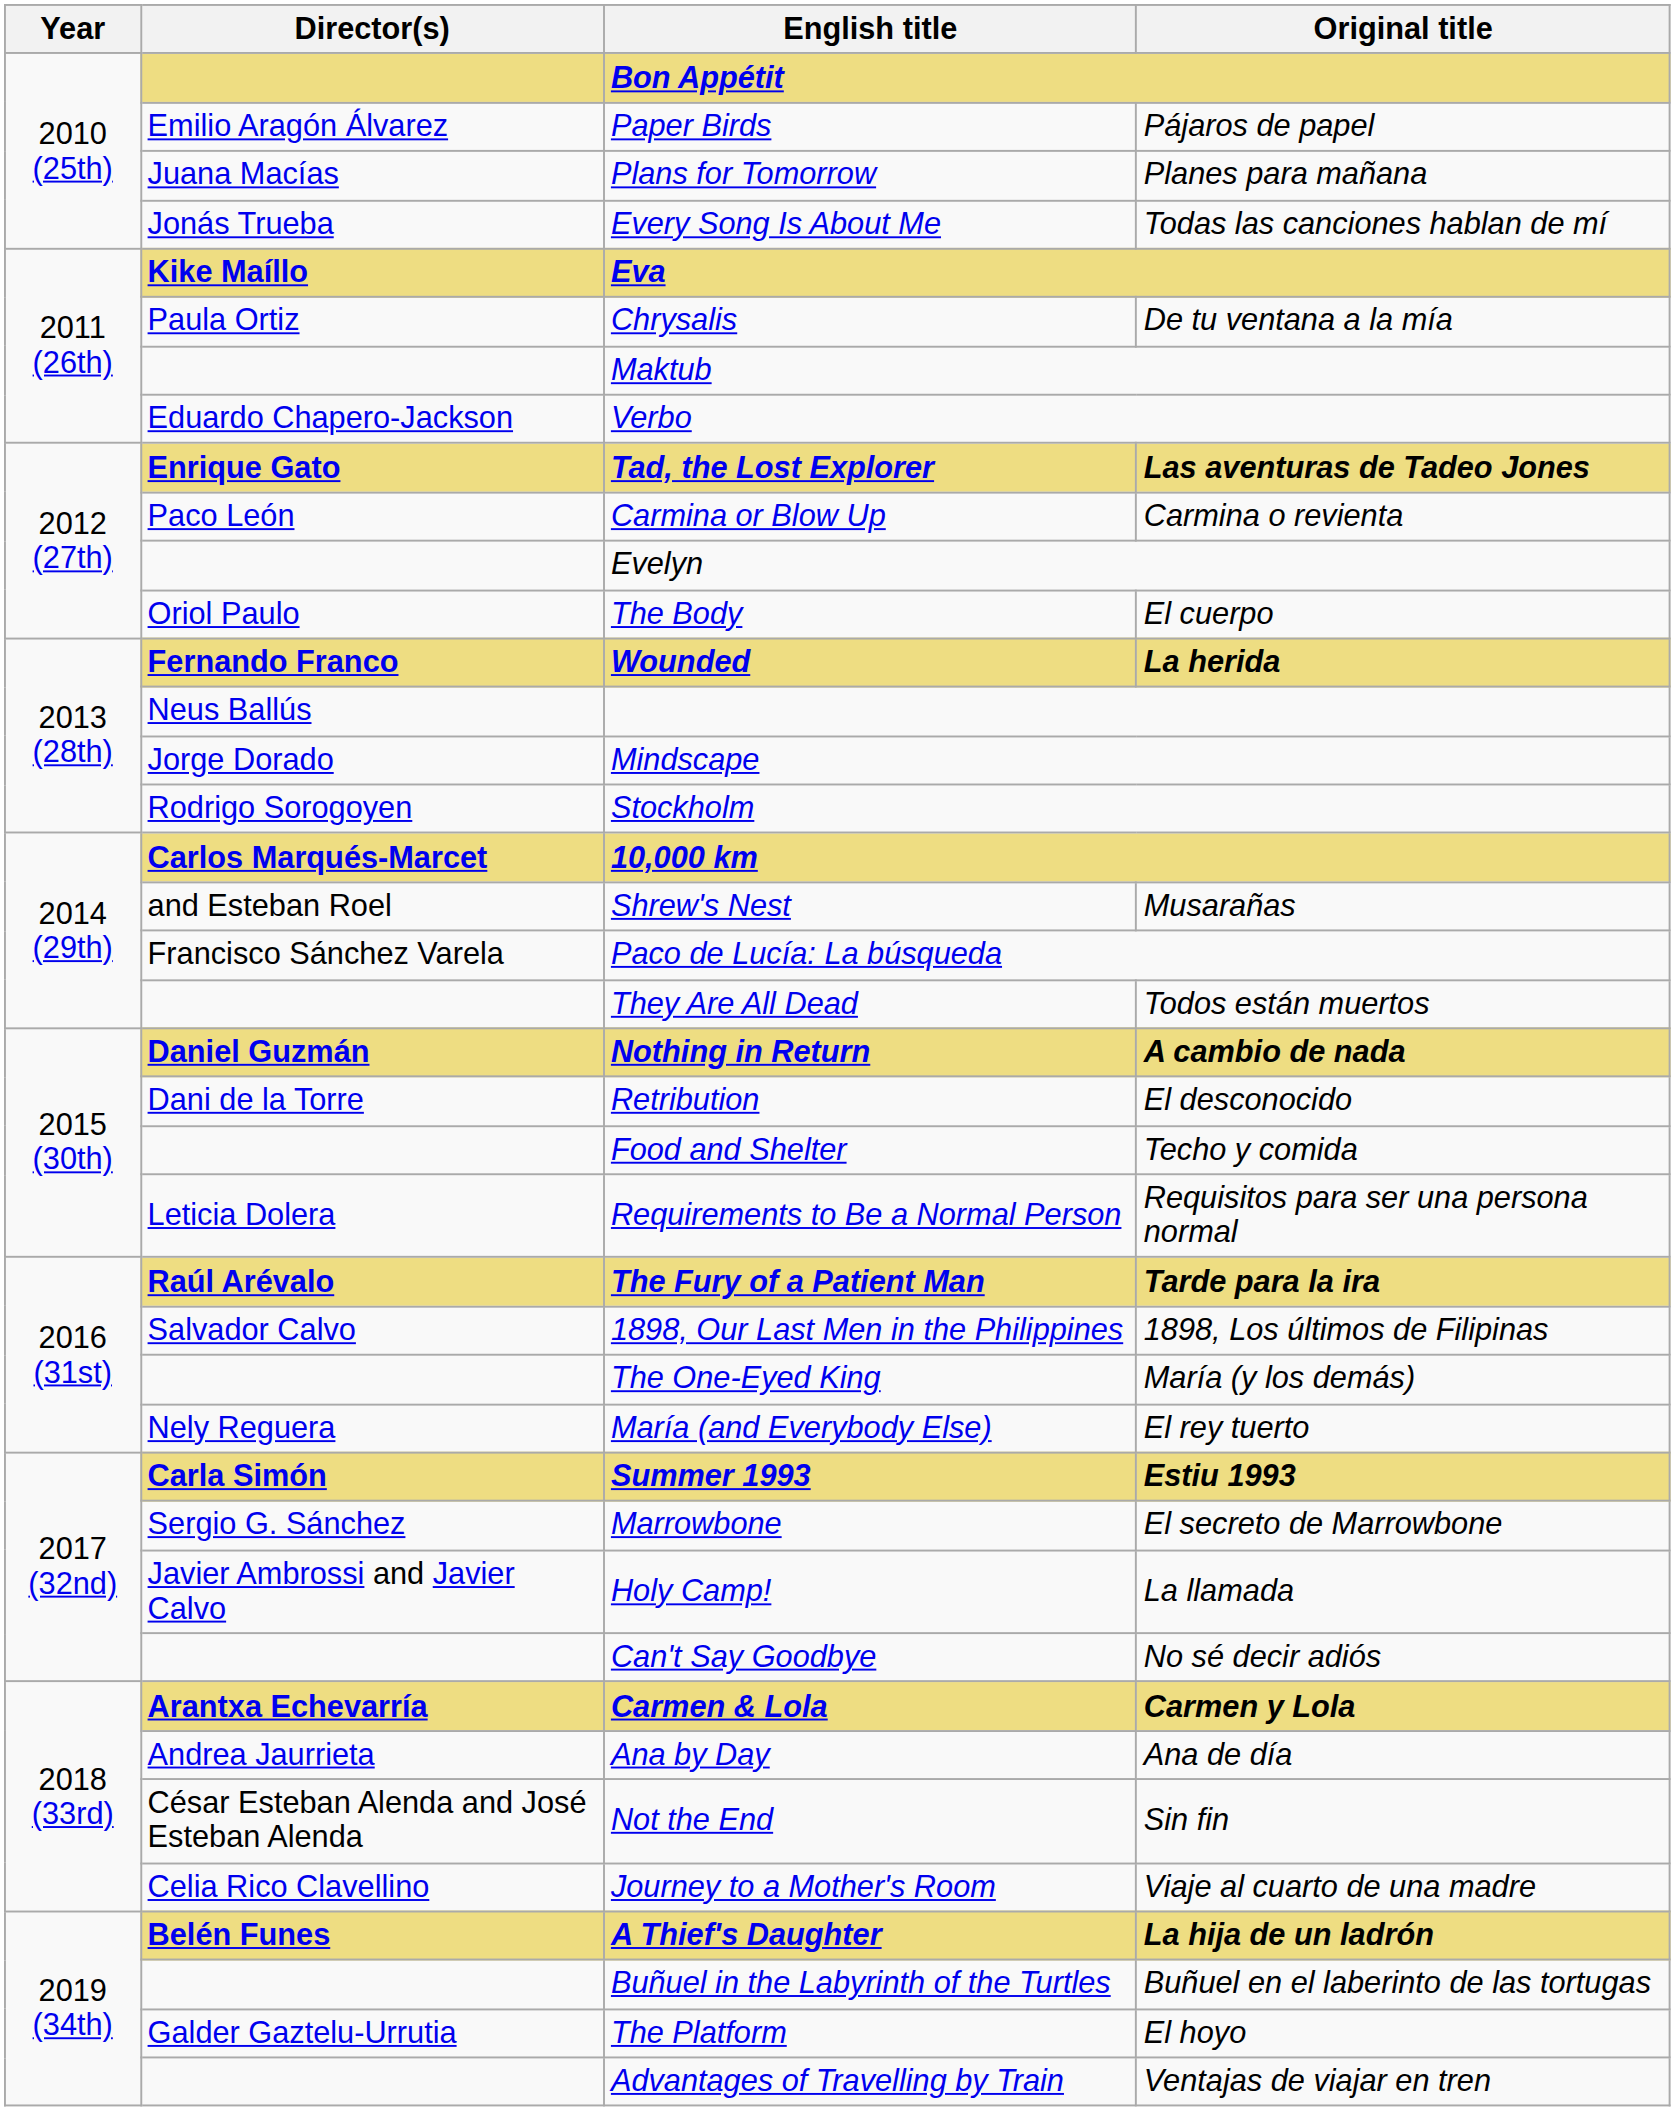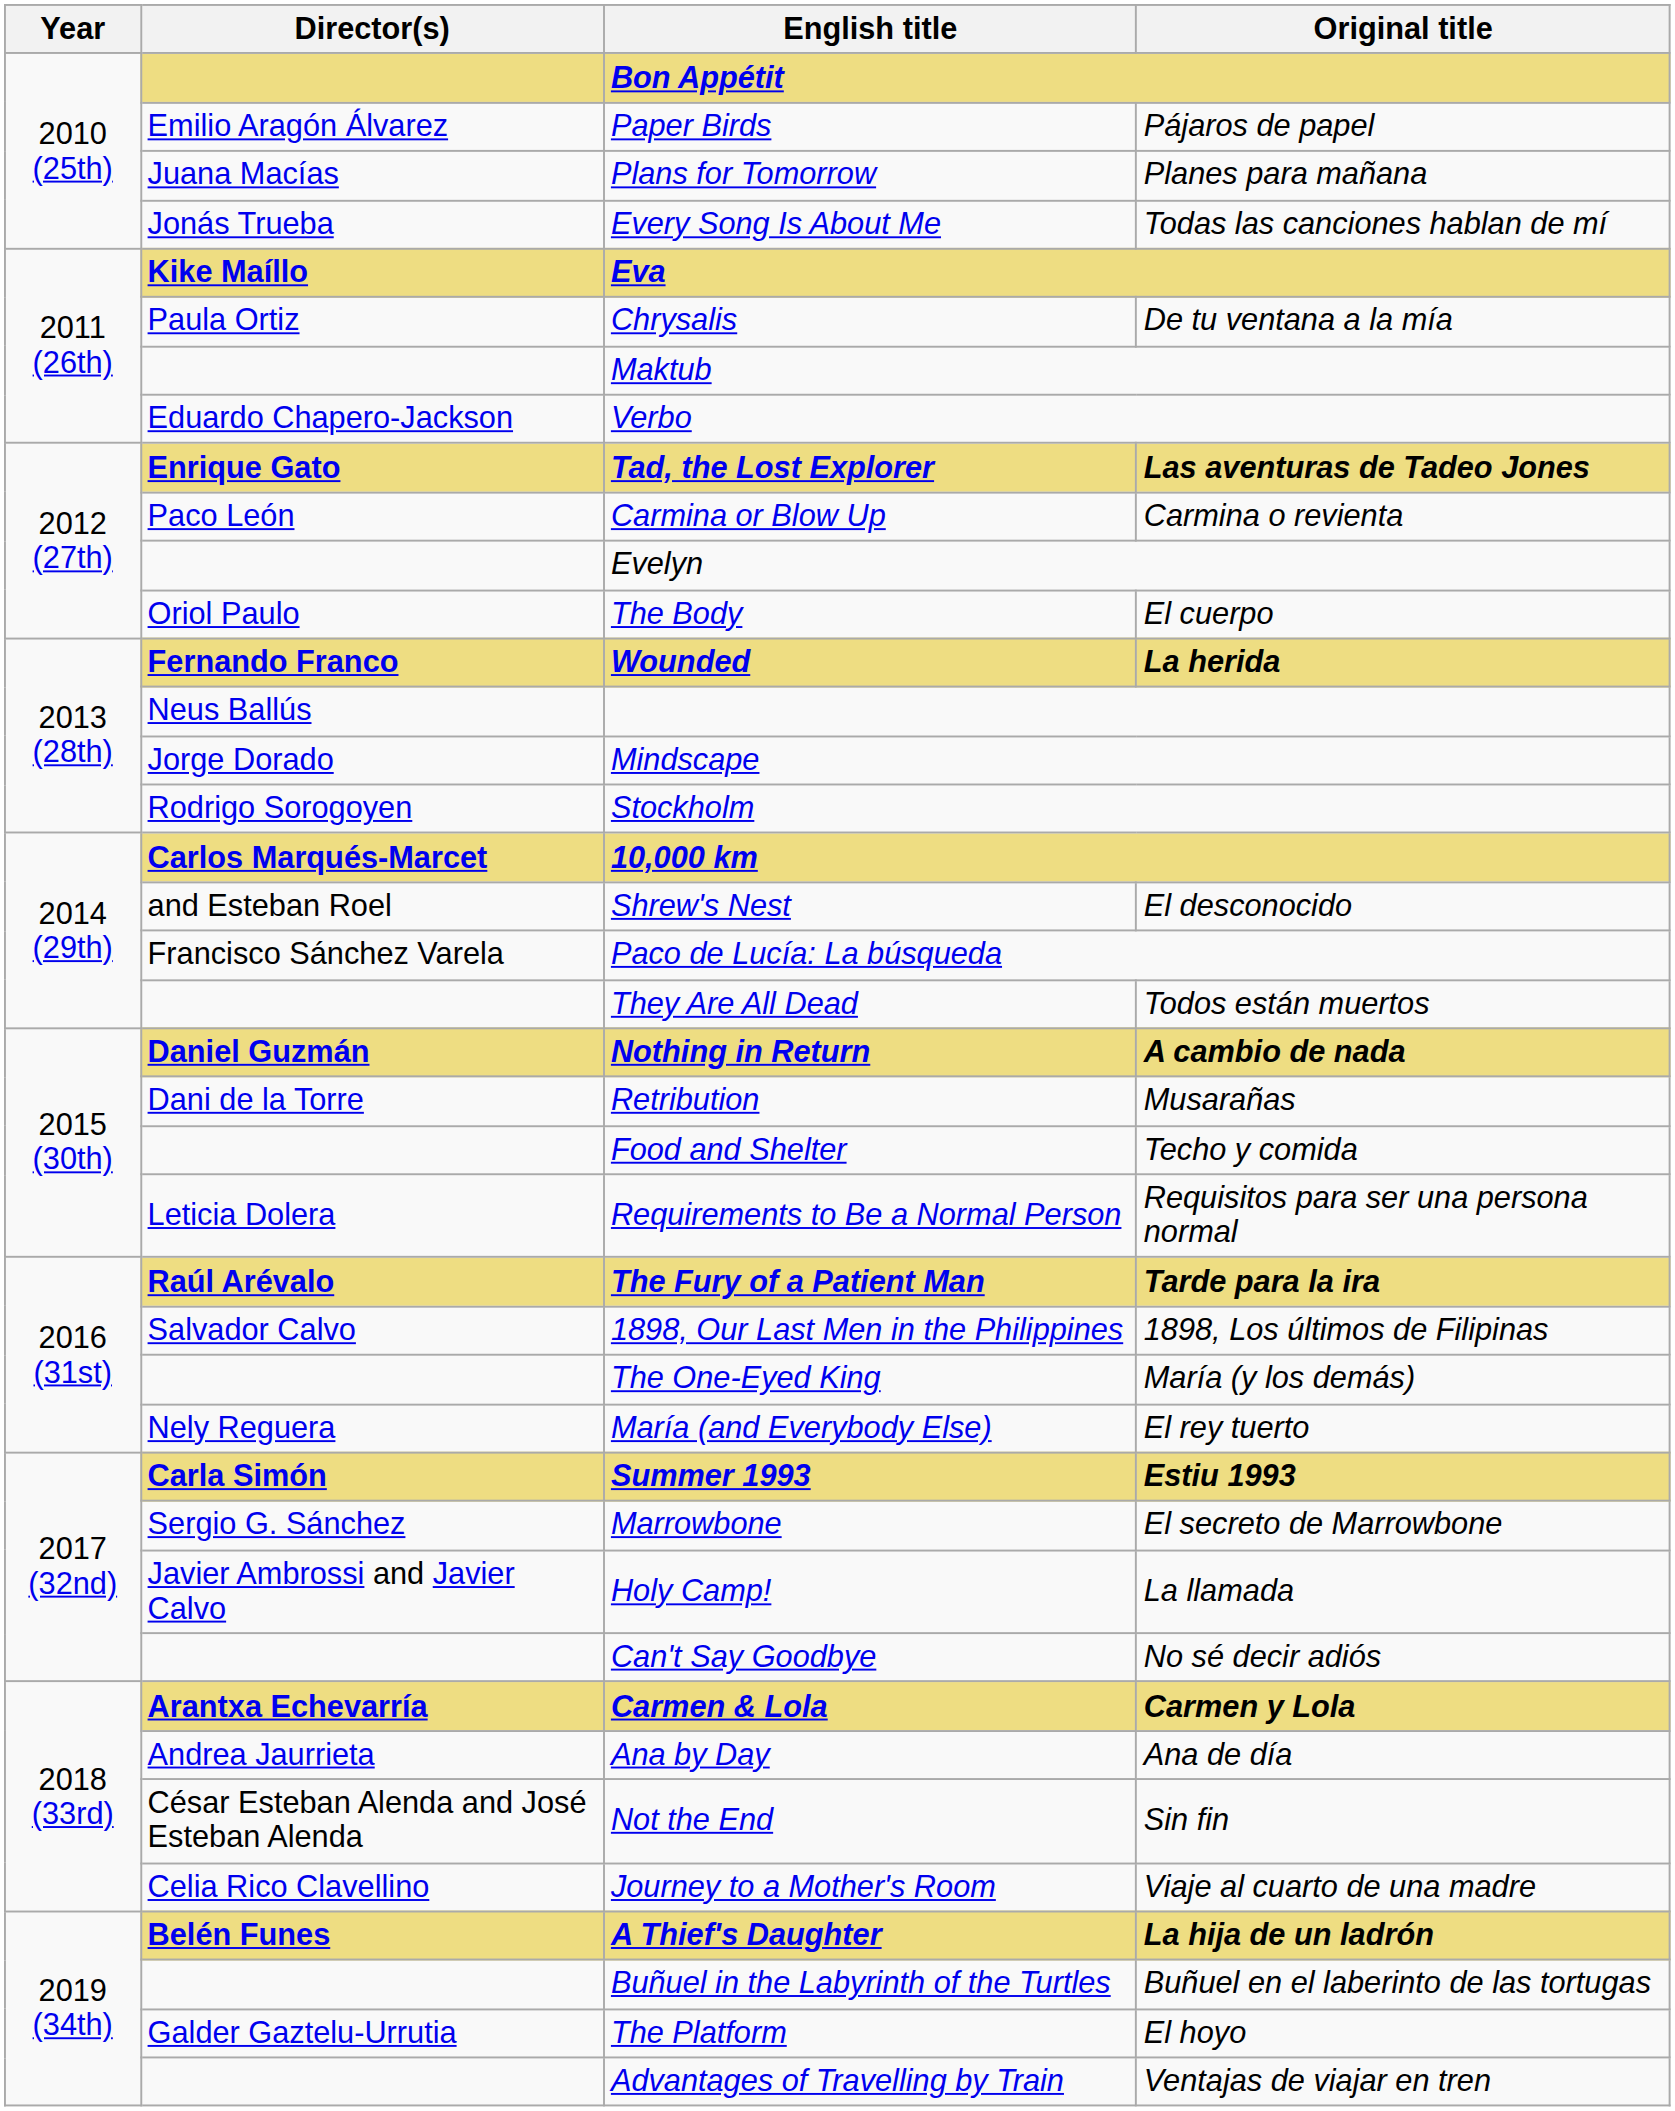 <table class="wikitable sortable" style="text-align:left;">
 <tr>
 <th scope="col" style="width:5%;">Year</th>
 <th scope="col" style="width:20%;">Director(s)</th>
 <th scope="col" style="width:23%;">English title</th>
 <th scope="col" style="width:23%;">Original title</th>
 </tr>
 <tr>
 <td rowspan="4" style="text-align:center;">2010<br><a href='#'>(25th)</a></td>
 <td style="background:#eedd82;"><strong></strong></td>
 <td colspan="2" style="background:#eedd82;"><strong><em><a href='#'>Bon Appétit</a></em></strong></td>
 </tr>
 <tr>
 <td><a href='#'>Emilio Aragón Álvarez</a></td>
 <td><em><a href='#'>Paper Birds</a></em></td>
 <td><em>Pájaros de papel</em></td>
 </tr>
 <tr>
 <td><a href='#'>Juana Macías</a></td>
 <td><em><a href='#'>Plans for Tomorrow</a></em></td>
 <td><em>Planes para mañana</em></td>
 </tr>
 <tr>
 <td><a href='#'>Jonás Trueba</a></td>
 <td><em><a href='#'>Every Song Is About Me</a></em></td>
 <td><em>Todas las canciones hablan de mí</em></td>
 </tr>
 <tr>
 <td rowspan="4" style="text-align:center;">2011<br><a href='#'>(26th)</a></td>
 <td style="background:#eedd82;"><strong><a href='#'>Kike Maíllo</a></strong></td>
 <td colspan="2" style="background:#eedd82;"><strong><em><a href='#'>Eva</a></em></strong></td>
 </tr>
 <tr>
 <td><a href='#'>Paula Ortiz</a></td>
 <td><em><a href='#'>Chrysalis</a></em></td>
 <td><em>De tu ventana a la mía</em></td>
 </tr>
 <tr>
 <td></td>
 <td colspan="2"><em><a href='#'>Maktub</a></em></td>
 </tr>
 <tr>
 <td><a href='#'>Eduardo Chapero-Jackson</a></td>
 <td colspan="2"><em><a href='#'>Verbo</a></em></td>
 </tr>
 <tr>
 <td rowspan="4" style="text-align:center;">2012<br><a href='#'>(27th)</a></td>
 <td style="background:#eedd82;"><strong><a href='#'>Enrique Gato</a></strong></td>
 <td style="background:#eedd82;"><strong><em><a href='#'>Tad, the Lost Explorer</a></em></strong></td>
 <td style="background:#eedd82;"><strong><em>Las aventuras de Tadeo Jones</em></strong></td>
 </tr>
 <tr>
 <td><a href='#'>Paco León</a></td>
 <td><em><a href='#'>Carmina or Blow Up</a></em></td>
 <td><em>Carmina o revienta</em></td>
 </tr>
 <tr>
 <td></td>
 <td colspan="2"><em>Evelyn</em></td>
 </tr>
 <tr>
 <td><a href='#'>Oriol Paulo</a></td>
 <td><em><a href='#'>The Body</a></em></td>
 <td><em>El cuerpo</em></td>
 </tr>
 <tr>
 <td rowspan="4" style="text-align:center;">2013<br><a href='#'>(28th)</a></td>
 <td style="background:#eedd82;"><strong><a href='#'>Fernando Franco</a></strong></td>
 <td style="background:#eedd82;"><strong><em><a href='#'>Wounded</a></em></strong></td>
 <td style="background:#eedd82;"><strong><em>La herida</em></strong></td>
 </tr>
 <tr>
 <td><a href='#'>Neus Ballús</a></td>
 <td colspan="2"><em></em></td>
 </tr>
 <tr>
 <td><a href='#'>Jorge Dorado</a></td>
 <td colspan="2"><em><a href='#'>Mindscape</a></em></td>
 </tr>
 <tr>
 <td><a href='#'>Rodrigo Sorogoyen</a></td>
 <td colspan="2"><em><a href='#'>Stockholm</a></em></td>
 </tr>
 <tr>
 <td rowspan="4" style="text-align:center;">2014<br><a href='#'>(29th)</a></td>
 <td style="background:#eedd82;"><strong><a href='#'>Carlos Marqués-Marcet</a></strong></td>
 <td colspan="2" style="background:#eedd82;"><strong><em><a href='#'>10,000 km</a></em></strong></td>
 </tr>
 <tr>
 <td> and Esteban Roel</td>
 <td><em><a href='#'>Shrew's Nest</a></em></td>
-<td><em>Musarañas</em></td>
+<td><em>El desconocido</em></td>
 </tr>
 <tr>
 <td>Francisco Sánchez Varela</td>
 <td colspan="2"><em><a href='#'>Paco de Lucía: La búsqueda</a></em></td>
 </tr>
 <tr>
 <td></td>
 <td><em><a href='#'>They Are All Dead</a></em></td>
 <td><em>Todos están muertos</em></td>
 </tr>
 <tr>
 <td rowspan="4" style="text-align:center;">2015<br><a href='#'>(30th)</a></td>
 <td style="background:#eedd82;"><strong><a href='#'>Daniel Guzmán</a></strong></td>
 <td style="background:#eedd82;"><strong><em><a href='#'>Nothing in Return</a></em></strong></td>
 <td style="background:#eedd82;"><strong><em>A cambio de nada</em></strong></td>
 </tr>
 <tr>
 <td><a href='#'>Dani de la Torre</a></td>
 <td><em><a href='#'>Retribution</a></em></td>
-<td><em>El desconocido</em></td>
+<td><em>Musarañas</em></td>
 </tr>
 <tr>
 <td></td>
 <td><em><a href='#'>Food and Shelter</a></em></td>
 <td><em>Techo y comida</em></td>
 </tr>
 <tr>
 <td><a href='#'>Leticia Dolera</a></td>
 <td><em><a href='#'>Requirements to Be a Normal Person</a></em></td>
 <td><em>Requisitos para ser una persona normal</em></td>
 </tr>
 <tr>
 <td rowspan="4" style="text-align:center;">2016<br><a href='#'>(31st)</a><br></td>
 <td style="background:#eedd82;"><strong><a href='#'>Raúl Arévalo</a></strong></td>
 <td style="background:#eedd82;"><strong><em><a href='#'>The Fury of a Patient Man</a></em></strong></td>
 <td style="background:#eedd82;"><strong><em>Tarde para la ira</em></strong></td>
 </tr>
 <tr>
 <td><a href='#'>Salvador Calvo</a></td>
 <td><em><a href='#'>1898, Our Last Men in the Philippines</a></em></td>
 <td><em>1898, Los últimos de Filipinas</em></td>
 </tr>
 <tr>
 <td></td>
 <td><em><a href='#'>The One-Eyed King</a></em></td>
 <td><em>María (y los demás)</em></td>
 </tr>
 <tr>
 <td><a href='#'>Nely Reguera</a></td>
 <td><em><a href='#'>María (and Everybody Else)</a></em></td>
 <td><em>El rey tuerto</em></td>
 </tr>
 <tr>
 <td rowspan="4" style="text-align:center;">2017<br><a href='#'>(32nd)</a><br></td>
 <td style="background:#eedd82;"><strong><a href='#'>Carla Simón</a></strong></td>
 <td style="background:#eedd82;"><strong><em><a href='#'>Summer 1993</a></em></strong></td>
 <td style="background:#eedd82;"><strong><em>Estiu 1993</em></strong></td>
 </tr>
 <tr>
 <td><a href='#'>Sergio G. Sánchez</a></td>
 <td><em><a href='#'>Marrowbone</a></em></td>
 <td><em>El secreto de Marrowbone</em></td>
 </tr>
 <tr>
 <td><a href='#'>Javier Ambrossi</a> and <a href='#'>Javier Calvo</a></td>
 <td><em><a href='#'>Holy Camp!</a></em></td>
 <td><em>La llamada</em></td>
 </tr>
 <tr>
 <td></td>
 <td><em><a href='#'>Can't Say Goodbye</a></em></td>
 <td><em>No sé decir adiós</em></td>
 </tr>
 <tr>
 <td rowspan="4" style="text-align:center;">2018<br><a href='#'>(33rd)</a><br></td>
 <td style="background:#eedd82;"><strong><a href='#'>Arantxa Echevarría</a></strong></td>
 <td style="background:#eedd82;"><strong><em><a href='#'>Carmen & Lola</a></em></strong></td>
 <td style="background:#eedd82;"><strong><em>Carmen y Lola</em></strong></td>
 </tr>
 <tr>
 <td><a href='#'>Andrea Jaurrieta</a></td>
 <td><em><a href='#'>Ana by Day</a></em></td>
 <td><em>Ana de día</em></td>
 </tr>
 <tr>
 <td>César Esteban Alenda and José Esteban Alenda</td>
 <td><em><a href='#'>Not the End</a></em></td>
 <td><em>Sin fin</em></td>
 </tr>
 <tr>
 <td><a href='#'>Celia Rico Clavellino</a></td>
 <td><em><a href='#'>Journey to a Mother's Room</a></em></td>
 <td><em>Viaje al cuarto de una madre</em></td>
 </tr>
 <tr>
 <td rowspan="4" style="text-align:center;">2019<br><a href='#'>(34th)</a><br></td>
 <td style="background:#eedd82;"><strong><a href='#'>Belén Funes</a></strong></td>
 <td style="background:#eedd82;"><strong><em><a href='#'>A Thief's Daughter</a></em></strong></td>
 <td style="background:#eedd82;"><strong><em>La hija de un ladrón</em></strong></td>
 </tr>
 <tr>
 <td></td>
 <td><em><a href='#'>Buñuel in the Labyrinth of the Turtles</a></em></td>
 <td><em>Buñuel en el laberinto de las tortugas</em></td>
 </tr>
 <tr>
 <td><a href='#'>Galder Gaztelu-Urrutia</a></td>
 <td><em><a href='#'>The Platform</a></em></td>
 <td><em>El hoyo</em></td>
 </tr>
 <tr>
 <td></td>
 <td><em><a href='#'>Advantages of Travelling by Train</a></em></td>
 <td><em>Ventajas de viajar en tren</em></td>
 </tr>
 </table>
